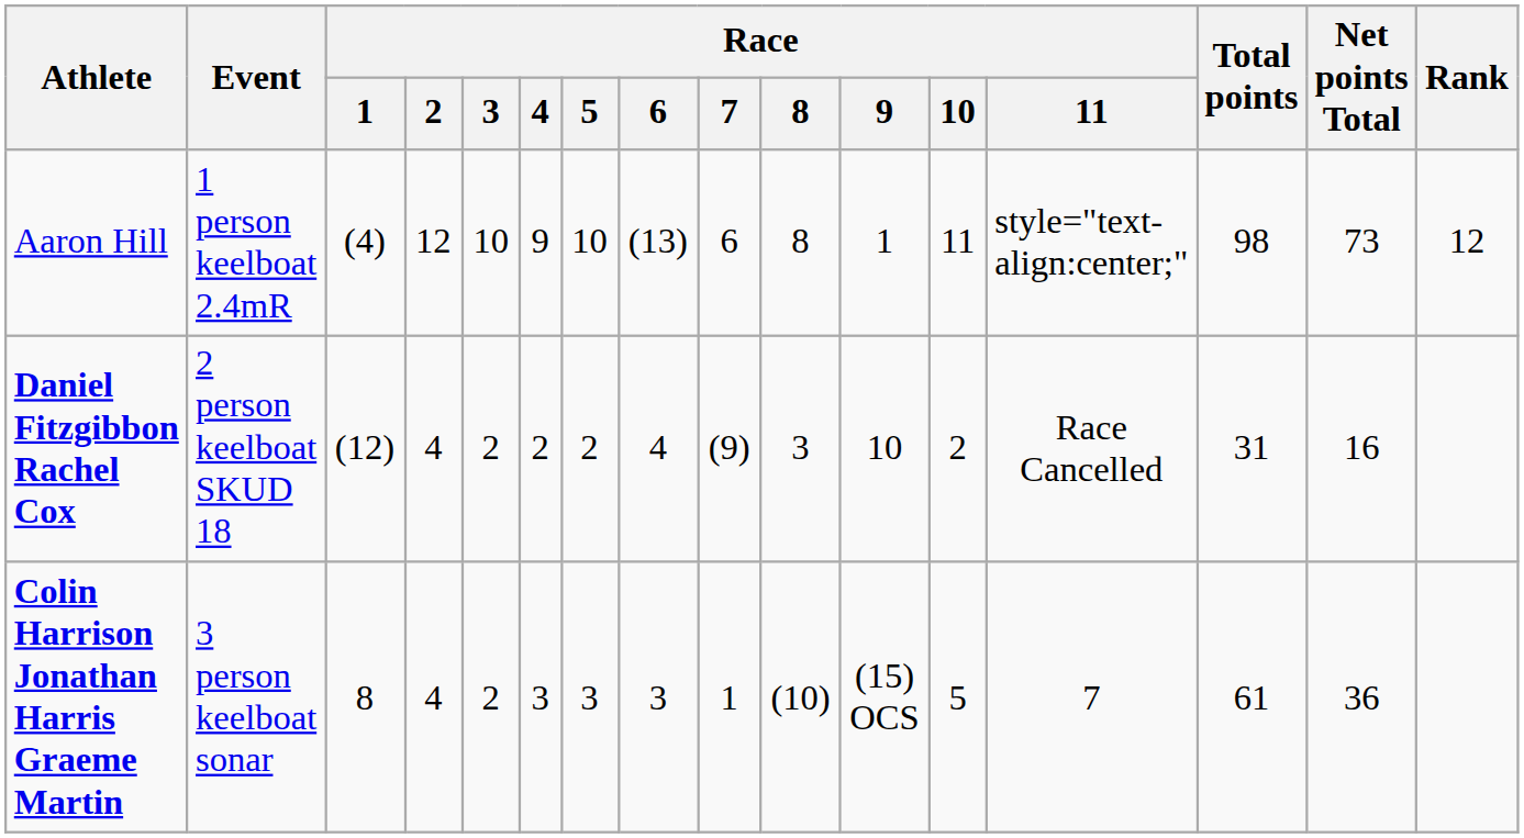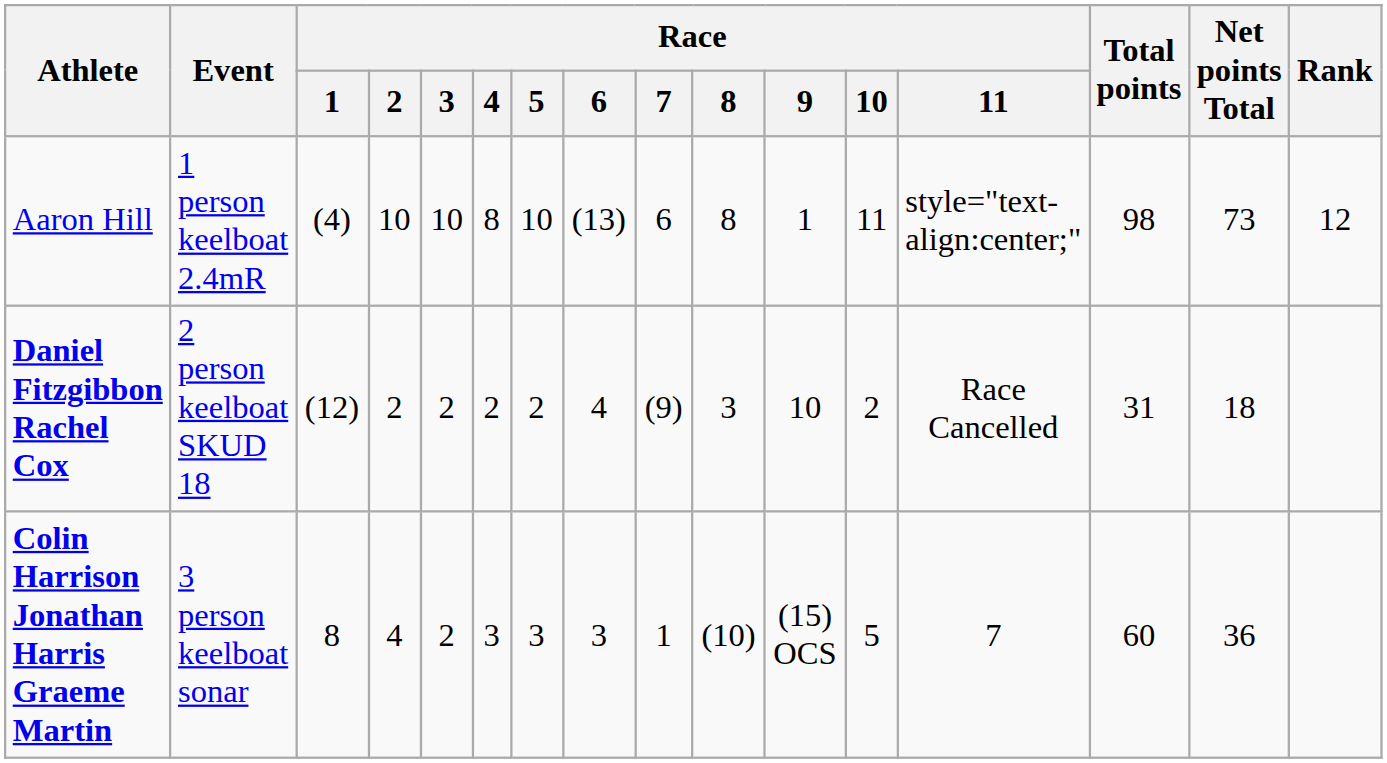 <table class=wikitable style="font-size:90%">
 <tr>
 <th rowspan="2">Athlete</th>
 <th rowspan="2">Event</th>
 <th colspan="11">Race</th>
 <th rowspan="2">Total points</th>
 <th rowspan="2">Net points<br>Total</th>
 <th rowspan="2">Rank</th>
 </tr>
 <tr>
 <th width="40">1</th>
 <th width="40">2</th>
 <th width="40">3</th>
 <th width="40">4</th>
 <th width="40">5</th>
 <th width="40">6</th>
 <th width="40">7</th>
 <th width="40">8</th>
 <th width="40">9</th>
 <th width="40">10</th>
 <th width="40">11</th>
 </tr>
 <tr>
 <td><a href='#'>Aaron Hill</a></td>
 <td><a href='#'>1 person keelboat 2.4mR</a></td>
 <td style="text-align:center;">(4)</td>
-<td style="text-align:center;">12</td>
 <td style="text-align:center;">10</td>
-<td style="text-align:center;">9</td>
+<td style="text-align:center;">10</td>
+<td style="text-align:center;">8</td>
 <td style="text-align:center;">10</td>
 <td style="text-align:center;">(13)</td>
 <td style="text-align:center;">6</td>
 <td style="text-align:center;">8</td>
 <td style="text-align:center;">1</td>
 <td style="text-align:center;">11</td>
 <td>style="text-align:center;" </td>
 <td style="text-align:center;">98</td>
 <td style="text-align:center;">73</td>
 <td style="text-align:center;">12</td>
 </tr>
 <tr>
 <td><strong><a href='#'>Daniel Fitzgibbon</a></strong><br> <strong><a href='#'>Rachel Cox</a></strong></td>
 <td><a href='#'>2 person keelboat SKUD 18</a></td>
 <td style="text-align:center;">(12)</td>
-<td style="text-align:center;">4</td>
+<td style="text-align:center;">2</td>
 <td style="text-align:center;">2</td>
 <td style="text-align:center;">2</td>
 <td style="text-align:center;">2</td>
 <td style="text-align:center;">4</td>
 <td style="text-align:center;">(9)</td>
 <td style="text-align:center;">3</td>
 <td style="text-align:center;">10</td>
 <td style="text-align:center;">2</td>
 <td style="text-align:center;">Race<br> Cancelled</td>
 <td style="text-align:center;">31</td>
-<td style="text-align:center;">16</td>
+<td style="text-align:center;">18</td>
 <td style="text-align:center;"></td>
 </tr>
 <tr>
 <td><strong><a href='#'>Colin Harrison</a></strong><br> <strong><a href='#'>Jonathan Harris</a></strong><br> <strong><a href='#'>Graeme Martin</a></strong></td>
 <td><a href='#'>3 person keelboat sonar</a></td>
 <td style="text-align:center;">8</td>
 <td style="text-align:center;">4</td>
 <td style="text-align:center;">2</td>
 <td style="text-align:center;">3</td>
 <td style="text-align:center;">3</td>
 <td style="text-align:center;">3</td>
 <td style="text-align:center;">1</td>
 <td style="text-align:center;">(10)</td>
 <td style="text-align:center;">(15)<br> OCS</td>
 <td style="text-align:center;">5</td>
 <td style="text-align:center;">7</td>
-<td style="text-align:center;">61</td>
+<td style="text-align:center;">60</td>
 <td style="text-align:center;">36</td>
 <td style="text-align:center;"></td>
 </tr>
 </table>
